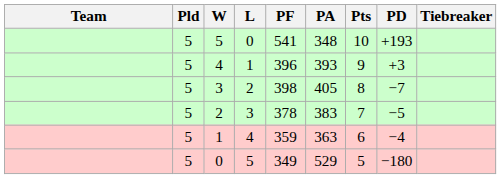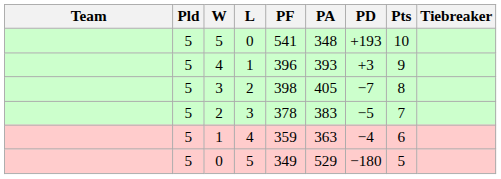 <table class="wikitable" style="text-align:center;">
 <tr>
 <th width=170>Team</th>
 <th width=25>Pld</th>
 <th width=25>W</th>
 <th width=25>L</th>
 <th width=35>PF</th>
 <th width=35>PA</th>
+<th width=35>PD</th>
 <th width=25>Pts</th>
-<th width=35>PD</th>
 <th width=50>Tiebreaker</th>
 </tr>
 <tr bgcolor=#ccffcc>
 <td align="left"></td>
 <td>5</td>
 <td>5</td>
 <td>0</td>
 <td>541</td>
 <td>348</td>
+<td>+193</td>
 <td>10</td>
-<td>+193</td>
 <td></td>
 </tr>
 <tr bgcolor=#ccffcc>
 <td align="left"></td>
 <td>5</td>
 <td>4</td>
 <td>1</td>
 <td>396</td>
 <td>393</td>
+<td>+3</td>
 <td>9</td>
-<td>+3</td>
 <td></td>
 </tr>
 <tr bgcolor=#ccffcc>
 <td align="left"></td>
 <td>5</td>
 <td>3</td>
 <td>2</td>
 <td>398</td>
 <td>405</td>
+<td>−7</td>
 <td>8</td>
-<td>−7</td>
 <td></td>
 </tr>
 <tr bgcolor=#ccffcc>
 <td align="left"></td>
 <td>5</td>
 <td>2</td>
 <td>3</td>
 <td>378</td>
 <td>383</td>
+<td>−5</td>
 <td>7</td>
-<td>−5</td>
 <td></td>
 </tr>
 <tr bgcolor=#ffcccc>
 <td align="left"></td>
 <td>5</td>
 <td>1</td>
 <td>4</td>
 <td>359</td>
 <td>363</td>
+<td>−4</td>
 <td>6</td>
-<td>−4</td>
 <td></td>
 </tr>
 <tr bgcolor=#ffcccc>
 <td align="left"></td>
 <td>5</td>
 <td>0</td>
 <td>5</td>
 <td>349</td>
 <td>529</td>
+<td>−180</td>
 <td>5</td>
-<td>−180</td>
 <td></td>
 </tr>
 </table>
